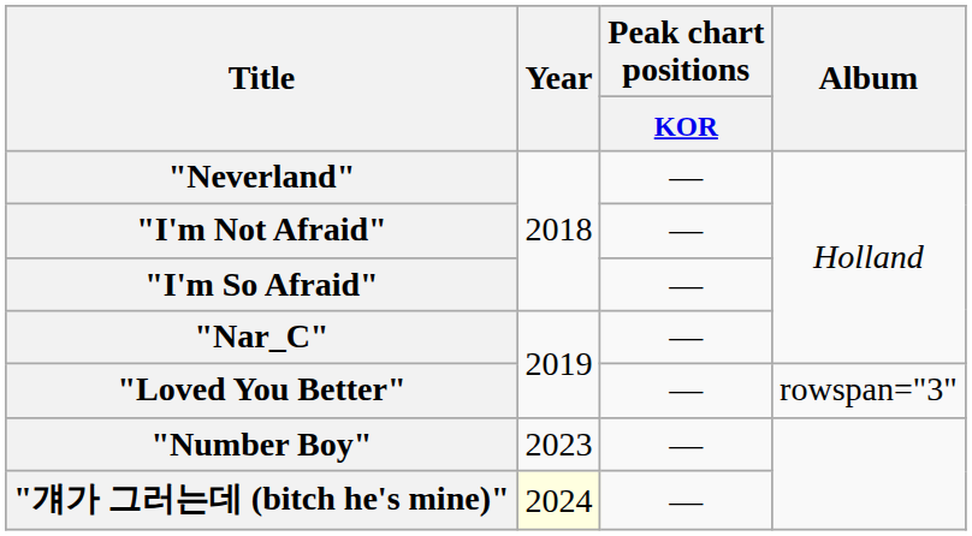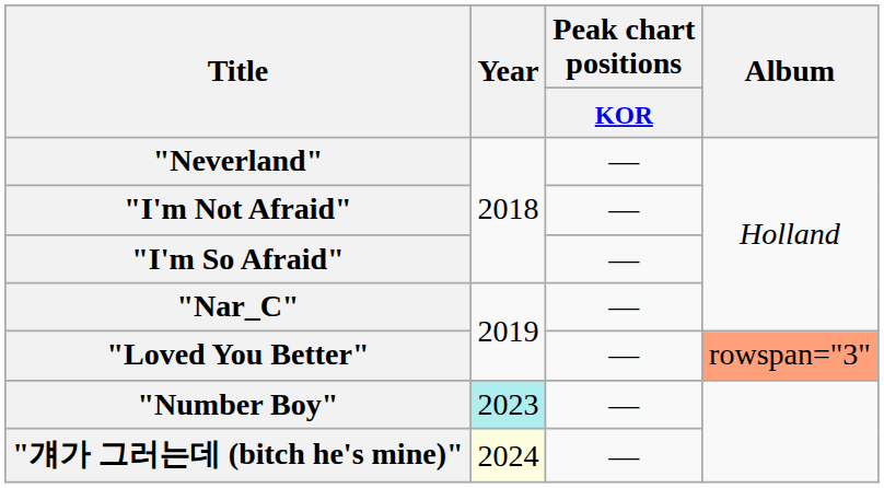 <table class="wikitable plainrowheaders" style="text-align:center;">
 <tr>
 <th scope="col" rowspan="2">Title</th>
 <th scope="col" rowspan="2">Year</th>
 <th scope="col" colspan="1">Peak chart <br> positions</th>
 <th scope="col" rowspan="2">Album</th>
 </tr>
 <tr>
 <th><small><a href='#'>KOR</a></small><br></th>
 </tr>
 <tr>
 <th scope="row">"Neverland"</th>
 <td rowspan="3">2018</td>
 <td>—</td>
 <td rowspan="4"><em>Holland</em></td>
 </tr>
 <tr>
 <th scope="row">"I'm Not Afraid"</th>
 <td>—</td>
 </tr>
 <tr>
 <th scope="row">"I'm So Afraid"</th>
 <td>—</td>
 </tr>
 <tr>
 <th scope="row">"Nar_C"</th>
 <td rowspan="2">2019</td>
 <td>—</td>
 </tr>
 <tr>
 <th scope="row">"Loved You Better"</th>
 <td>—</td>
-<td>rowspan="3" </td>
+<td style="background: lightsalmon;">rowspan="3" </td>
 </tr>
 <tr>
 <th scope="row">"Number Boy"</th>
-<td>2023</td>
+<td style="background: paleturquoise;">2023</td>
 <td>—</td>
 </tr>
 <tr>
 <th scope="row">"걔가 그러는데 (bitch he's mine)"</th>
 <td style="background: lightyellow;">2024</td>
 <td>—</td>
 </tr>
 </table>
